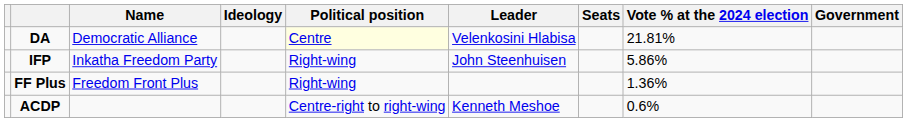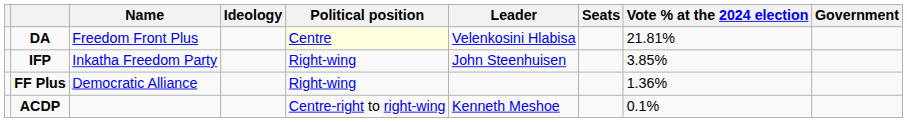 <table class="wikitable">
 <tr>
 <th></th>
 <th></th>
 <th>Name</th>
 <th>Ideology</th>
 <th>Political position</th>
 <th>Leader</th>
 <th>Seats</th>
 <th>Vote % at the <a href='#'>2024 election</a></th>
 <th>Government</th>
 </tr>
 <tr>
 <td style="background:"></td>
 <td style="text-align:center;"><strong>DA</strong></td>
-<td><a href='#'>Democratic Alliance</a></td>
+<td><a href='#'>Freedom Front Plus</a><br></td>
 <td></td>
 <td style="background: lightyellow;"><a href='#'>Centre</a></td>
 <td><a href='#'>Velenkosini Hlabisa</a></td>
 <td></td>
 <td>21.81%</td>
 <td></td>
 </tr>
 <tr>
 <td style="background:"></td>
 <td style="text-align:center;"><strong>IFP</strong></td>
 <td><a href='#'>Inkatha Freedom Party</a><br></td>
 <td></td>
 <td><a href='#'>Right-wing</a></td>
 <td><a href='#'>John Steenhuisen</a></td>
 <td></td>
-<td>5.86%</td>
+<td>3.85%</td>
 <td></td>
 </tr>
 <tr>
 <td style="background:"></td>
 <td style="text-align:center;"><strong>FF Plus</strong></td>
-<td><a href='#'>Freedom Front Plus</a><br></td>
+<td><a href='#'>Democratic Alliance</a></td>
 <td></td>
 <td><a href='#'>Right-wing</a></td>
 <td></td>
 <td></td>
 <td>1.36%</td>
 <td></td>
 </tr>
 <tr>
 <td style="background:"></td>
 <td style="text-align:center;"><strong>ACDP</strong></td>
 <td></td>
 <td></td>
 <td><a href='#'>Centre-right</a> to <a href='#'>right-wing</a></td>
 <td><a href='#'>Kenneth Meshoe</a></td>
 <td></td>
-<td>0.6%</td>
+<td>0.1%</td>
 <td></td>
 </tr>
 </table>
